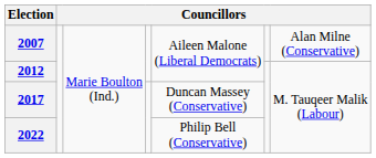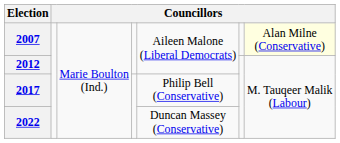 <table class="wikitable" style="text-align:center">
 <tr>
 <th>Election</th>
 <th colspan=8>Councillors</th>
 </tr>
 <tr>
 <th><a href='#'>2007</a></th>
 <td rowspan=4; style="background-color: "></td>
 <td rowspan=4><a href='#'>Marie Boulton</a><br>(Ind.)</td>
 <td rowspan=2; style="background-color: "></td>
 <td rowspan=2>Aileen Malone<br>(<a href='#'>Liberal Democrats</a>)</td>
 <td rowspan=1; style="background-color: "></td>
-<td rowspan=1>Alan Milne<br>(<a href='#'>Conservative</a>)</td>
+<td rowspan=1 style="background: lightyellow;">Alan Milne<br>(<a href='#'>Conservative</a>)</td>
 </tr>
 <tr>
 <th><a href='#'>2012</a></th>
 <td rowspan=3; style="background-color: "></td>
 <td rowspan=3>M. Tauqeer Malik<br>(<a href='#'>Labour</a>)</td>
 </tr>
 <tr>
 <th><a href='#'>2017</a></th>
 <td rowspan=2; style="background-color: "></td>
-<td rowspan=1>Duncan Massey<br>(<a href='#'>Conservative</a>)</td>
+<td rowspan=1>Philip Bell<br>(<a href='#'>Conservative</a>)</td>
 </tr>
 <tr>
 <th><a href='#'>2022</a></th>
-<td rowspan=1>Philip Bell<br>(<a href='#'>Conservative</a>)</td>
+<td rowspan=1>Duncan Massey<br>(<a href='#'>Conservative</a>)</td>
 </tr>
 </table>
